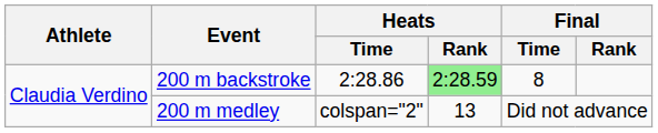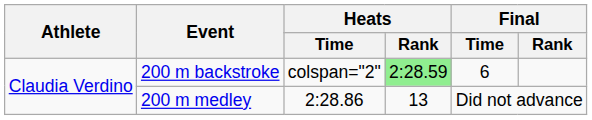 <table class="wikitable" style="font-size:90%">
 <tr>
 <th rowspan="2">Athlete</th>
 <th rowspan="2">Event</th>
 <th colspan="2">Heats</th>
 <th colspan="2">Final</th>
 </tr>
 <tr style="font-size:95%">
 <th>Time</th>
 <th>Rank</th>
 <th>Time</th>
 <th>Rank</th>
 </tr>
 <tr align="center">
 <td rowspan="2"><a href='#'>Claudia Verdino</a></td>
 <td align="left"><a href='#'>200 m backstroke</a></td>
-<td>2:28.86</td>
+<td>colspan="2" </td>
 <td style="background: lightgreen;">2:28.59</td>
-<td>8</td>
+<td>6</td>
 </tr>
 <tr align="center">
 <td align="left"><a href='#'>200 m medley</a></td>
-<td>colspan="2" </td>
+<td>2:28.86</td>
 <td>13</td>
 <td colspan="2">Did not advance</td>
 </tr>
 </table>
